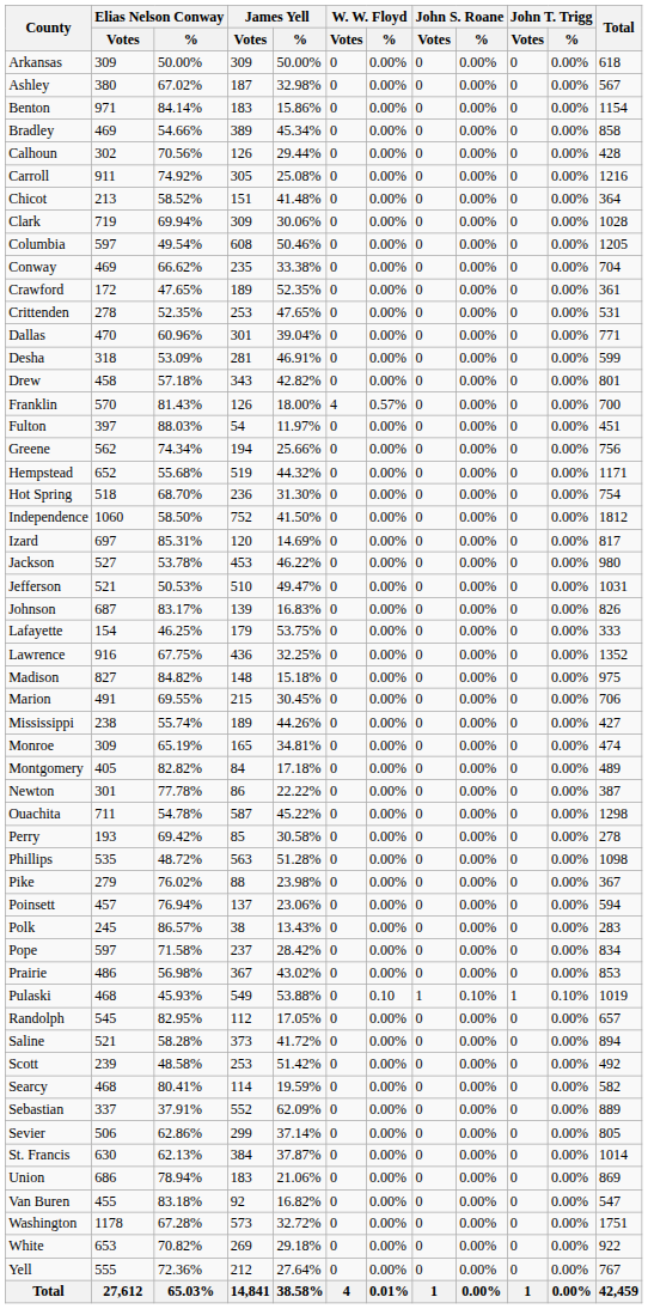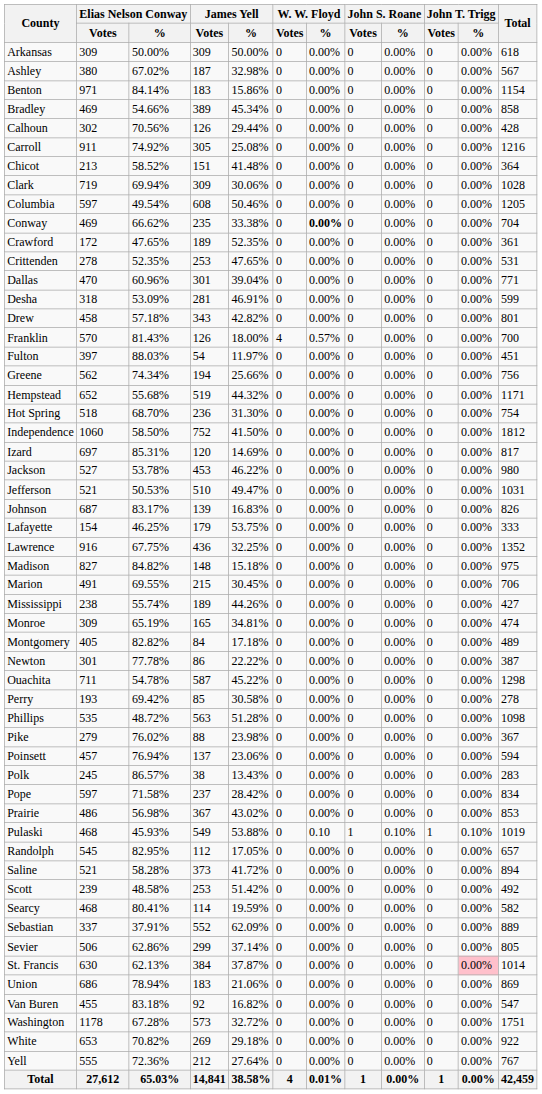 <table class="wikitable sortable mw-collapsible mw-collapsed">
 <tr>
 <th rowspan="2">County</th>
 <th colspan="2">Elias Nelson Conway</th>
 <th colspan="2">James Yell</th>
 <th colspan="2">W. W. Floyd</th>
 <th colspan="2">John S. Roane</th>
 <th colspan="2">John T. Trigg</th>
 <th rowspan="2">Total</th>
 </tr>
 <tr>
 <th>Votes</th>
 <th>%</th>
 <th>Votes</th>
 <th>%</th>
 <th>Votes</th>
 <th>%</th>
 <th>Votes</th>
 <th>%</th>
 <th>Votes</th>
 <th>%</th>
 </tr>
 <tr>
 <td>Arkansas</td>
 <td>309</td>
 <td>50.00%</td>
 <td>309</td>
 <td>50.00%</td>
 <td>0</td>
 <td>0.00%</td>
 <td>0</td>
 <td>0.00%</td>
 <td>0</td>
 <td>0.00%</td>
 <td>618</td>
 </tr>
 <tr>
 <td>Ashley</td>
 <td>380</td>
 <td>67.02%</td>
 <td>187</td>
 <td>32.98%</td>
 <td>0</td>
 <td>0.00%</td>
 <td>0</td>
 <td>0.00%</td>
 <td>0</td>
 <td>0.00%</td>
 <td>567</td>
 </tr>
 <tr>
 <td>Benton</td>
 <td>971</td>
 <td>84.14%</td>
 <td>183</td>
 <td>15.86%</td>
 <td>0</td>
 <td>0.00%</td>
 <td>0</td>
 <td>0.00%</td>
 <td>0</td>
 <td>0.00%</td>
 <td>1154</td>
 </tr>
 <tr>
 <td>Bradley</td>
 <td>469</td>
 <td>54.66%</td>
 <td>389</td>
 <td>45.34%</td>
 <td>0</td>
 <td>0.00%</td>
 <td>0</td>
 <td>0.00%</td>
 <td>0</td>
 <td>0.00%</td>
 <td>858</td>
 </tr>
 <tr>
 <td>Calhoun</td>
 <td>302</td>
 <td>70.56%</td>
 <td>126</td>
 <td>29.44%</td>
 <td>0</td>
 <td>0.00%</td>
 <td>0</td>
 <td>0.00%</td>
 <td>0</td>
 <td>0.00%</td>
 <td>428</td>
 </tr>
 <tr>
 <td>Carroll</td>
 <td>911</td>
 <td>74.92%</td>
 <td>305</td>
 <td>25.08%</td>
 <td>0</td>
 <td>0.00%</td>
 <td>0</td>
 <td>0.00%</td>
 <td>0</td>
 <td>0.00%</td>
 <td>1216</td>
 </tr>
 <tr>
 <td>Chicot</td>
 <td>213</td>
 <td>58.52%</td>
 <td>151</td>
 <td>41.48%</td>
 <td>0</td>
 <td>0.00%</td>
 <td>0</td>
 <td>0.00%</td>
 <td>0</td>
 <td>0.00%</td>
 <td>364</td>
 </tr>
 <tr>
 <td>Clark</td>
 <td>719</td>
 <td>69.94%</td>
 <td>309</td>
 <td>30.06%</td>
 <td>0</td>
 <td>0.00%</td>
 <td>0</td>
 <td>0.00%</td>
 <td>0</td>
 <td>0.00%</td>
 <td>1028</td>
 </tr>
 <tr>
 <td>Columbia</td>
 <td>597</td>
 <td>49.54%</td>
 <td>608</td>
 <td>50.46%</td>
 <td>0</td>
 <td>0.00%</td>
 <td>0</td>
 <td>0.00%</td>
 <td>0</td>
 <td>0.00%</td>
 <td>1205</td>
 </tr>
 <tr>
 <td>Conway</td>
 <td>469</td>
 <td>66.62%</td>
 <td>235</td>
 <td>33.38%</td>
 <td>0</td>
-<td>0.00%</td>
+<td><strong>0.00%</strong></td>
 <td>0</td>
 <td>0.00%</td>
 <td>0</td>
 <td>0.00%</td>
 <td>704</td>
 </tr>
 <tr>
 <td>Crawford</td>
 <td>172</td>
 <td>47.65%</td>
 <td>189</td>
 <td>52.35%</td>
 <td>0</td>
 <td>0.00%</td>
 <td>0</td>
 <td>0.00%</td>
 <td>0</td>
 <td>0.00%</td>
 <td>361</td>
 </tr>
 <tr>
 <td>Crittenden</td>
 <td>278</td>
 <td>52.35%</td>
 <td>253</td>
 <td>47.65%</td>
 <td>0</td>
 <td>0.00%</td>
 <td>0</td>
 <td>0.00%</td>
 <td>0</td>
 <td>0.00%</td>
 <td>531</td>
 </tr>
 <tr>
 <td>Dallas</td>
 <td>470</td>
 <td>60.96%</td>
 <td>301</td>
 <td>39.04%</td>
 <td>0</td>
 <td>0.00%</td>
 <td>0</td>
 <td>0.00%</td>
 <td>0</td>
 <td>0.00%</td>
 <td>771</td>
 </tr>
 <tr>
 <td>Desha</td>
 <td>318</td>
 <td>53.09%</td>
 <td>281</td>
 <td>46.91%</td>
 <td>0</td>
 <td>0.00%</td>
 <td>0</td>
 <td>0.00%</td>
 <td>0</td>
 <td>0.00%</td>
 <td>599</td>
 </tr>
 <tr>
 <td>Drew</td>
 <td>458</td>
 <td>57.18%</td>
 <td>343</td>
 <td>42.82%</td>
 <td>0</td>
 <td>0.00%</td>
 <td>0</td>
 <td>0.00%</td>
 <td>0</td>
 <td>0.00%</td>
 <td>801</td>
 </tr>
 <tr>
 <td>Franklin</td>
 <td>570</td>
 <td>81.43%</td>
 <td>126</td>
 <td>18.00%</td>
 <td>4</td>
 <td>0.57%</td>
 <td>0</td>
 <td>0.00%</td>
 <td>0</td>
 <td>0.00%</td>
 <td>700</td>
 </tr>
 <tr>
 <td>Fulton</td>
 <td>397</td>
 <td>88.03%</td>
 <td>54</td>
 <td>11.97%</td>
 <td>0</td>
 <td>0.00%</td>
 <td>0</td>
 <td>0.00%</td>
 <td>0</td>
 <td>0.00%</td>
 <td>451</td>
 </tr>
 <tr>
 <td>Greene</td>
 <td>562</td>
 <td>74.34%</td>
 <td>194</td>
 <td>25.66%</td>
 <td>0</td>
 <td>0.00%</td>
 <td>0</td>
 <td>0.00%</td>
 <td>0</td>
 <td>0.00%</td>
 <td>756</td>
 </tr>
 <tr>
 <td>Hempstead</td>
 <td>652</td>
 <td>55.68%</td>
 <td>519</td>
 <td>44.32%</td>
 <td>0</td>
 <td>0.00%</td>
 <td>0</td>
 <td>0.00%</td>
 <td>0</td>
 <td>0.00%</td>
 <td>1171</td>
 </tr>
 <tr>
 <td>Hot Spring</td>
 <td>518</td>
 <td>68.70%</td>
 <td>236</td>
 <td>31.30%</td>
 <td>0</td>
 <td>0.00%</td>
 <td>0</td>
 <td>0.00%</td>
 <td>0</td>
 <td>0.00%</td>
 <td>754</td>
 </tr>
 <tr>
 <td>Independence</td>
 <td>1060</td>
 <td>58.50%</td>
 <td>752</td>
 <td>41.50%</td>
 <td>0</td>
 <td>0.00%</td>
 <td>0</td>
 <td>0.00%</td>
 <td>0</td>
 <td>0.00%</td>
 <td>1812</td>
 </tr>
 <tr>
 <td>Izard</td>
 <td>697</td>
 <td>85.31%</td>
 <td>120</td>
 <td>14.69%</td>
 <td>0</td>
 <td>0.00%</td>
 <td>0</td>
 <td>0.00%</td>
 <td>0</td>
 <td>0.00%</td>
 <td>817</td>
 </tr>
 <tr>
 <td>Jackson</td>
 <td>527</td>
 <td>53.78%</td>
 <td>453</td>
 <td>46.22%</td>
 <td>0</td>
 <td>0.00%</td>
 <td>0</td>
 <td>0.00%</td>
 <td>0</td>
 <td>0.00%</td>
 <td>980</td>
 </tr>
 <tr>
 <td>Jefferson</td>
 <td>521</td>
 <td>50.53%</td>
 <td>510</td>
 <td>49.47%</td>
 <td>0</td>
 <td>0.00%</td>
 <td>0</td>
 <td>0.00%</td>
 <td>0</td>
 <td>0.00%</td>
 <td>1031</td>
 </tr>
 <tr>
 <td>Johnson</td>
 <td>687</td>
 <td>83.17%</td>
 <td>139</td>
 <td>16.83%</td>
 <td>0</td>
 <td>0.00%</td>
 <td>0</td>
 <td>0.00%</td>
 <td>0</td>
 <td>0.00%</td>
 <td>826</td>
 </tr>
 <tr>
 <td>Lafayette</td>
 <td>154</td>
 <td>46.25%</td>
 <td>179</td>
 <td>53.75%</td>
 <td>0</td>
 <td>0.00%</td>
 <td>0</td>
 <td>0.00%</td>
 <td>0</td>
 <td>0.00%</td>
 <td>333</td>
 </tr>
 <tr>
 <td>Lawrence</td>
 <td>916</td>
 <td>67.75%</td>
 <td>436</td>
 <td>32.25%</td>
 <td>0</td>
 <td>0.00%</td>
 <td>0</td>
 <td>0.00%</td>
 <td>0</td>
 <td>0.00%</td>
 <td>1352</td>
 </tr>
 <tr>
 <td>Madison</td>
 <td>827</td>
 <td>84.82%</td>
 <td>148</td>
 <td>15.18%</td>
 <td>0</td>
 <td>0.00%</td>
 <td>0</td>
 <td>0.00%</td>
 <td>0</td>
 <td>0.00%</td>
 <td>975</td>
 </tr>
 <tr>
 <td>Marion</td>
 <td>491</td>
 <td>69.55%</td>
 <td>215</td>
 <td>30.45%</td>
 <td>0</td>
 <td>0.00%</td>
 <td>0</td>
 <td>0.00%</td>
 <td>0</td>
 <td>0.00%</td>
 <td>706</td>
 </tr>
 <tr>
 <td>Mississippi</td>
 <td>238</td>
 <td>55.74%</td>
 <td>189</td>
 <td>44.26%</td>
 <td>0</td>
 <td>0.00%</td>
 <td>0</td>
 <td>0.00%</td>
 <td>0</td>
 <td>0.00%</td>
 <td>427</td>
 </tr>
 <tr>
 <td>Monroe</td>
 <td>309</td>
 <td>65.19%</td>
 <td>165</td>
 <td>34.81%</td>
 <td>0</td>
 <td>0.00%</td>
 <td>0</td>
 <td>0.00%</td>
 <td>0</td>
 <td>0.00%</td>
 <td>474</td>
 </tr>
 <tr>
 <td>Montgomery</td>
 <td>405</td>
 <td>82.82%</td>
 <td>84</td>
 <td>17.18%</td>
 <td>0</td>
 <td>0.00%</td>
 <td>0</td>
 <td>0.00%</td>
 <td>0</td>
 <td>0.00%</td>
 <td>489</td>
 </tr>
 <tr>
 <td>Newton</td>
 <td>301</td>
 <td>77.78%</td>
 <td>86</td>
 <td>22.22%</td>
 <td>0</td>
 <td>0.00%</td>
 <td>0</td>
 <td>0.00%</td>
 <td>0</td>
 <td>0.00%</td>
 <td>387</td>
 </tr>
 <tr>
 <td>Ouachita</td>
 <td>711</td>
 <td>54.78%</td>
 <td>587</td>
 <td>45.22%</td>
 <td>0</td>
 <td>0.00%</td>
 <td>0</td>
 <td>0.00%</td>
 <td>0</td>
 <td>0.00%</td>
 <td>1298</td>
 </tr>
 <tr>
 <td>Perry</td>
 <td>193</td>
 <td>69.42%</td>
 <td>85</td>
 <td>30.58%</td>
 <td>0</td>
 <td>0.00%</td>
 <td>0</td>
 <td>0.00%</td>
 <td>0</td>
 <td>0.00%</td>
 <td>278</td>
 </tr>
 <tr>
 <td>Phillips</td>
 <td>535</td>
 <td>48.72%</td>
 <td>563</td>
 <td>51.28%</td>
 <td>0</td>
 <td>0.00%</td>
 <td>0</td>
 <td>0.00%</td>
 <td>0</td>
 <td>0.00%</td>
 <td>1098</td>
 </tr>
 <tr>
 <td>Pike</td>
 <td>279</td>
 <td>76.02%</td>
 <td>88</td>
 <td>23.98%</td>
 <td>0</td>
 <td>0.00%</td>
 <td>0</td>
 <td>0.00%</td>
 <td>0</td>
 <td>0.00%</td>
 <td>367</td>
 </tr>
 <tr>
 <td>Poinsett</td>
 <td>457</td>
 <td>76.94%</td>
 <td>137</td>
 <td>23.06%</td>
 <td>0</td>
 <td>0.00%</td>
 <td>0</td>
 <td>0.00%</td>
 <td>0</td>
 <td>0.00%</td>
 <td>594</td>
 </tr>
 <tr>
 <td>Polk</td>
 <td>245</td>
 <td>86.57%</td>
 <td>38</td>
 <td>13.43%</td>
 <td>0</td>
 <td>0.00%</td>
 <td>0</td>
 <td>0.00%</td>
 <td>0</td>
 <td>0.00%</td>
 <td>283</td>
 </tr>
 <tr>
 <td>Pope</td>
 <td>597</td>
 <td>71.58%</td>
 <td>237</td>
 <td>28.42%</td>
 <td>0</td>
 <td>0.00%</td>
 <td>0</td>
 <td>0.00%</td>
 <td>0</td>
 <td>0.00%</td>
 <td>834</td>
 </tr>
 <tr>
 <td>Prairie</td>
 <td>486</td>
 <td>56.98%</td>
 <td>367</td>
 <td>43.02%</td>
 <td>0</td>
 <td>0.00%</td>
 <td>0</td>
 <td>0.00%</td>
 <td>0</td>
 <td>0.00%</td>
 <td>853</td>
 </tr>
 <tr>
 <td>Pulaski</td>
 <td>468</td>
 <td>45.93%</td>
 <td>549</td>
 <td>53.88%</td>
 <td>0</td>
 <td>0.10</td>
 <td>1</td>
 <td>0.10%</td>
 <td>1</td>
 <td>0.10%</td>
 <td>1019</td>
 </tr>
 <tr>
 <td>Randolph</td>
 <td>545</td>
 <td>82.95%</td>
 <td>112</td>
 <td>17.05%</td>
 <td>0</td>
 <td>0.00%</td>
 <td>0</td>
 <td>0.00%</td>
 <td>0</td>
 <td>0.00%</td>
 <td>657</td>
 </tr>
 <tr>
 <td>Saline</td>
 <td>521</td>
 <td>58.28%</td>
 <td>373</td>
 <td>41.72%</td>
 <td>0</td>
 <td>0.00%</td>
 <td>0</td>
 <td>0.00%</td>
 <td>0</td>
 <td>0.00%</td>
 <td>894</td>
 </tr>
 <tr>
 <td>Scott</td>
 <td>239</td>
 <td>48.58%</td>
 <td>253</td>
 <td>51.42%</td>
 <td>0</td>
 <td>0.00%</td>
 <td>0</td>
 <td>0.00%</td>
 <td>0</td>
 <td>0.00%</td>
 <td>492</td>
 </tr>
 <tr>
 <td>Searcy</td>
 <td>468</td>
 <td>80.41%</td>
 <td>114</td>
 <td>19.59%</td>
 <td>0</td>
 <td>0.00%</td>
 <td>0</td>
 <td>0.00%</td>
 <td>0</td>
 <td>0.00%</td>
 <td>582</td>
 </tr>
 <tr>
 <td>Sebastian</td>
 <td>337</td>
 <td>37.91%</td>
 <td>552</td>
 <td>62.09%</td>
 <td>0</td>
 <td>0.00%</td>
 <td>0</td>
 <td>0.00%</td>
 <td>0</td>
 <td>0.00%</td>
 <td>889</td>
 </tr>
 <tr>
 <td>Sevier</td>
 <td>506</td>
 <td>62.86%</td>
 <td>299</td>
 <td>37.14%</td>
 <td>0</td>
 <td>0.00%</td>
 <td>0</td>
 <td>0.00%</td>
 <td>0</td>
 <td>0.00%</td>
 <td>805</td>
 </tr>
 <tr>
 <td>St. Francis</td>
 <td>630</td>
 <td>62.13%</td>
 <td>384</td>
 <td>37.87%</td>
 <td>0</td>
 <td>0.00%</td>
 <td>0</td>
 <td>0.00%</td>
 <td>0</td>
-<td>0.00%</td>
+<td style="background: pink;">0.00%</td>
 <td>1014</td>
 </tr>
 <tr>
 <td>Union</td>
 <td>686</td>
 <td>78.94%</td>
 <td>183</td>
 <td>21.06%</td>
 <td>0</td>
 <td>0.00%</td>
 <td>0</td>
 <td>0.00%</td>
 <td>0</td>
 <td>0.00%</td>
 <td>869</td>
 </tr>
 <tr>
 <td>Van Buren</td>
 <td>455</td>
 <td>83.18%</td>
 <td>92</td>
 <td>16.82%</td>
 <td>0</td>
 <td>0.00%</td>
 <td>0</td>
 <td>0.00%</td>
 <td>0</td>
 <td>0.00%</td>
 <td>547</td>
 </tr>
 <tr>
 <td>Washington</td>
 <td>1178</td>
 <td>67.28%</td>
 <td>573</td>
 <td>32.72%</td>
 <td>0</td>
 <td>0.00%</td>
 <td>0</td>
 <td>0.00%</td>
 <td>0</td>
 <td>0.00%</td>
 <td>1751</td>
 </tr>
 <tr>
 <td>White</td>
 <td>653</td>
 <td>70.82%</td>
 <td>269</td>
 <td>29.18%</td>
 <td>0</td>
 <td>0.00%</td>
 <td>0</td>
 <td>0.00%</td>
 <td>0</td>
 <td>0.00%</td>
 <td>922</td>
 </tr>
 <tr>
 <td>Yell</td>
 <td>555</td>
 <td>72.36%</td>
 <td>212</td>
 <td>27.64%</td>
 <td>0</td>
 <td>0.00%</td>
 <td>0</td>
 <td>0.00%</td>
 <td>0</td>
 <td>0.00%</td>
 <td>767</td>
 </tr>
 <tr>
 <th>Total</th>
 <th>27,612</th>
 <th>65.03%</th>
 <th>14,841</th>
 <th>38.58%</th>
 <th>4</th>
 <th>0.01%</th>
 <th>1</th>
 <th>0.00%</th>
 <th>1</th>
 <th>0.00%</th>
 <th>42,459</th>
 </tr>
 </table>
